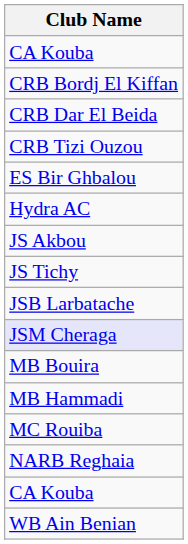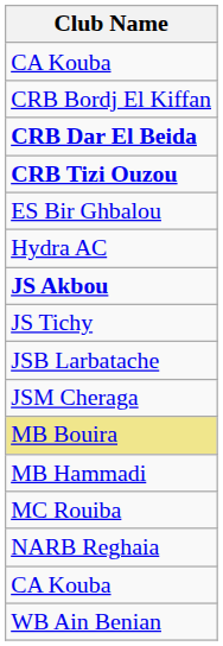 <table class="wikitable">
 <tr>
 <th>Club Name</th>
 </tr>
 <tr>
 <td><a href='#'>CA Kouba</a></td>
 </tr>
 <tr>
 <td><a href='#'>CRB Bordj El Kiffan</a></td>
 </tr>
 <tr>
-<td><a href='#'>CRB Dar El Beida</a></td>
+<td><strong><a href='#'>CRB Dar El Beida</a></strong></td>
 </tr>
 <tr>
-<td><a href='#'>CRB Tizi Ouzou</a></td>
+<td><strong><a href='#'>CRB Tizi Ouzou</a></strong></td>
 </tr>
 <tr>
 <td><a href='#'>ES Bir Ghbalou</a></td>
 </tr>
 <tr>
 <td><a href='#'>Hydra AC</a></td>
 </tr>
 <tr>
-<td><a href='#'>JS Akbou</a></td>
+<td><strong><a href='#'>JS Akbou</a></strong></td>
 </tr>
 <tr>
 <td><a href='#'>JS Tichy</a></td>
 </tr>
 <tr>
 <td><a href='#'>JSB Larbatache</a></td>
 </tr>
 <tr>
-<td style="background: lavender;"><a href='#'>JSM Cheraga</a></td>
+<td><a href='#'>JSM Cheraga</a></td>
 </tr>
 <tr>
-<td><a href='#'>MB Bouira</a></td>
+<td style="background: khaki;"><a href='#'>MB Bouira</a></td>
 </tr>
 <tr>
 <td><a href='#'>MB Hammadi</a></td>
 </tr>
 <tr>
 <td><a href='#'>MC Rouiba</a></td>
 </tr>
 <tr>
 <td><a href='#'>NARB Reghaia</a></td>
 </tr>
 <tr>
 <td><a href='#'>CA Kouba</a></td>
 </tr>
 <tr>
 <td><a href='#'>WB Ain Benian</a></td>
 </tr>
 </table>
